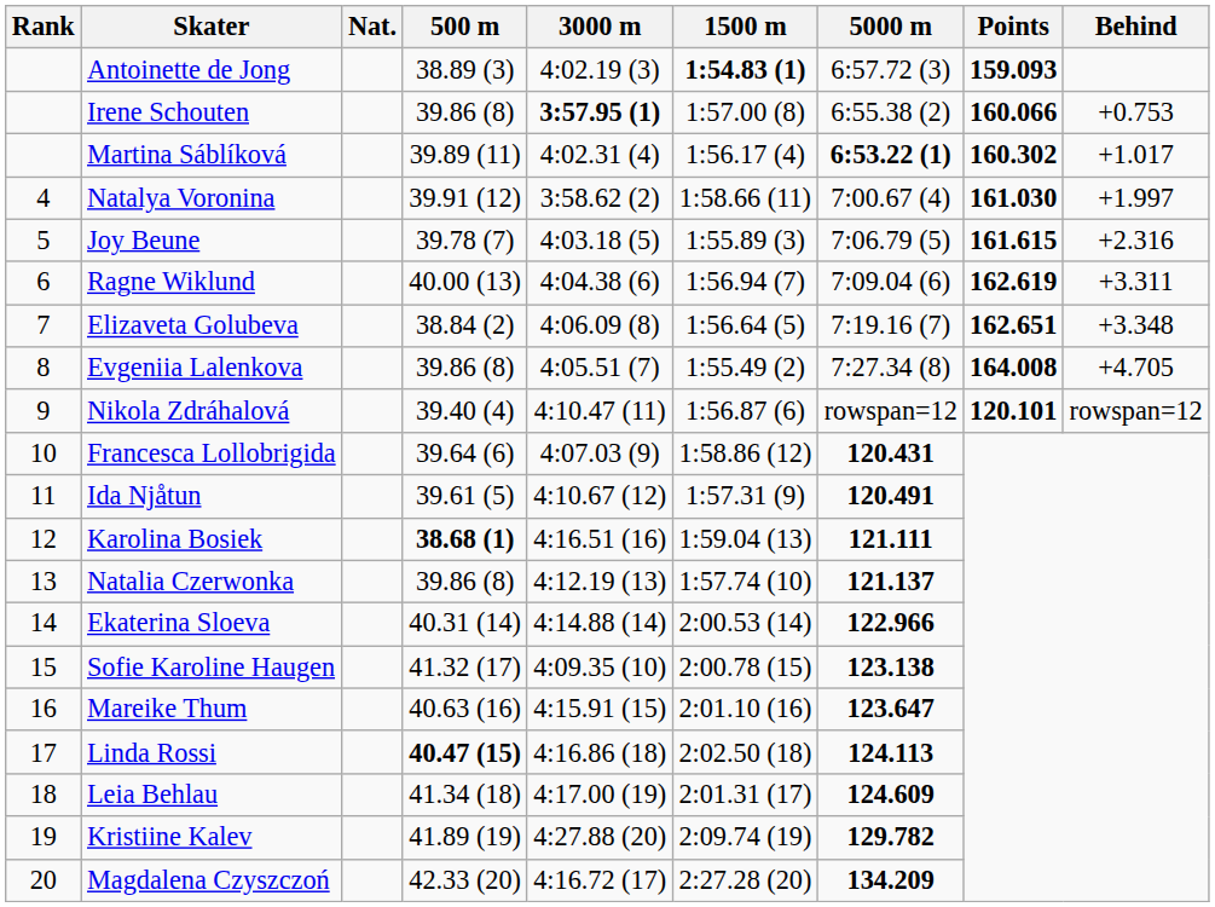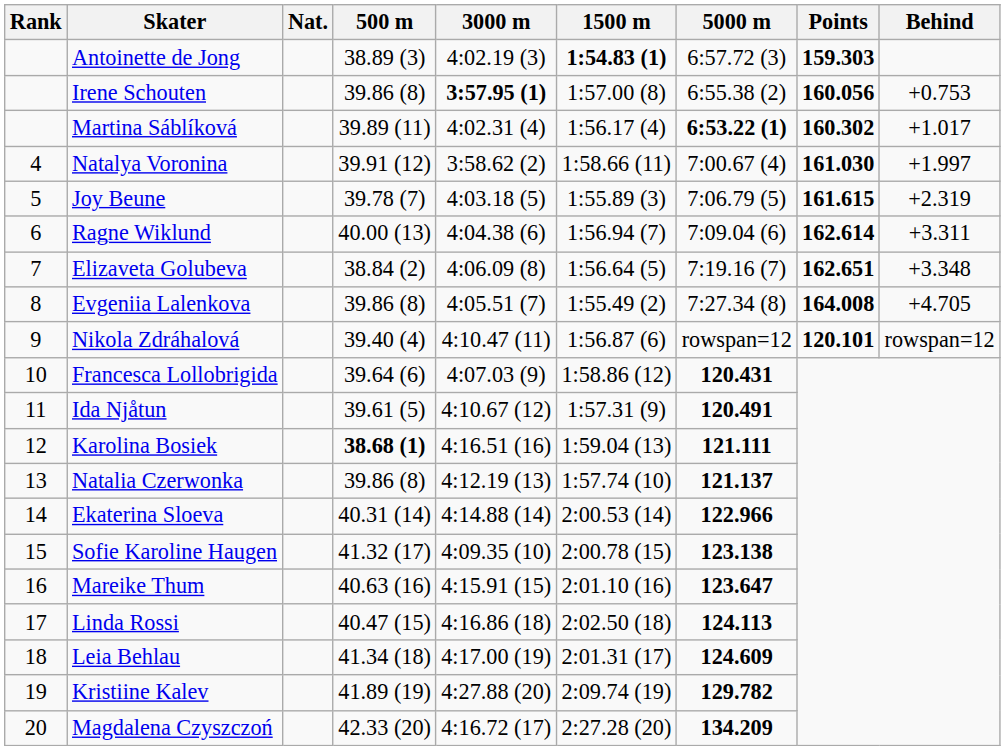 <table class="wikitable sortable" style="text-align:center">
 <tr align=center>
 <th>Rank</th>
 <th>Skater</th>
 <th>Nat.</th>
 <th>500 m</th>
 <th>3000 m</th>
 <th>1500 m</th>
 <th>5000 m</th>
 <th>Points</th>
 <th>Behind</th>
 </tr>
 <tr>
 <td></td>
 <td align=left><a href='#'>Antoinette de Jong</a></td>
 <td></td>
 <td>38.89 (3)</td>
 <td>4:02.19 (3)</td>
 <td><strong>1:54.83 (1)</strong></td>
 <td>6:57.72 (3)</td>
-<td><strong>159.093</strong></td>
+<td><strong>159.303</strong></td>
 <td></td>
 </tr>
 <tr>
 <td></td>
 <td align=left><a href='#'>Irene Schouten</a></td>
 <td></td>
 <td>39.86 (8)</td>
 <td><strong>3:57.95 (1)</strong></td>
 <td>1:57.00 (8)</td>
 <td>6:55.38 (2)</td>
-<td><strong>160.066</strong></td>
+<td><strong>160.056</strong></td>
 <td>+0.753</td>
 </tr>
 <tr>
 <td></td>
 <td align=left><a href='#'>Martina Sáblíková</a></td>
 <td></td>
 <td>39.89 (11)</td>
 <td>4:02.31 (4)</td>
 <td>1:56.17 (4)</td>
 <td><strong>6:53.22 (1)</strong></td>
 <td><strong>160.302</strong></td>
 <td>+1.017</td>
 </tr>
 <tr>
 <td>4</td>
 <td align=left><a href='#'>Natalya Voronina</a></td>
 <td></td>
 <td>39.91 (12)</td>
 <td>3:58.62 (2)</td>
 <td>1:58.66 (11)</td>
 <td>7:00.67 (4)</td>
 <td><strong>161.030</strong></td>
 <td>+1.997</td>
 </tr>
 <tr>
 <td>5</td>
 <td align=left><a href='#'>Joy Beune</a></td>
 <td></td>
 <td>39.78 (7)</td>
 <td>4:03.18 (5)</td>
 <td>1:55.89 (3)</td>
 <td>7:06.79 (5)</td>
 <td><strong>161.615</strong></td>
-<td>+2.316</td>
+<td>+2.319</td>
 </tr>
 <tr>
 <td>6</td>
 <td align=left><a href='#'>Ragne Wiklund</a></td>
 <td></td>
 <td>40.00 (13)</td>
 <td>4:04.38 (6)</td>
 <td>1:56.94 (7)</td>
 <td>7:09.04 (6)</td>
-<td><strong>162.619</strong></td>
+<td><strong>162.614</strong></td>
 <td>+3.311</td>
 </tr>
 <tr>
 <td>7</td>
 <td align=left><a href='#'>Elizaveta Golubeva</a></td>
 <td></td>
 <td>38.84 (2)</td>
 <td>4:06.09 (8)</td>
 <td>1:56.64 (5)</td>
 <td>7:19.16 (7)</td>
 <td><strong>162.651</strong></td>
 <td>+3.348</td>
 </tr>
 <tr>
 <td>8</td>
 <td align=left><a href='#'>Evgeniia Lalenkova</a></td>
 <td></td>
 <td>39.86 (8)</td>
 <td>4:05.51 (7)</td>
 <td>1:55.49 (2)</td>
 <td>7:27.34 (8)</td>
 <td><strong>164.008</strong></td>
 <td>+4.705</td>
 </tr>
 <tr>
 <td>9</td>
 <td align=left><a href='#'>Nikola Zdráhalová</a></td>
 <td></td>
 <td>39.40 (4)</td>
 <td>4:10.47 (11)</td>
 <td>1:56.87 (6)</td>
 <td>rowspan=12 </td>
 <td><strong>120.101</strong></td>
 <td>rowspan=12 </td>
 </tr>
 <tr>
 <td>10</td>
 <td align=left><a href='#'>Francesca Lollobrigida</a></td>
 <td></td>
 <td>39.64 (6)</td>
 <td>4:07.03 (9)</td>
 <td>1:58.86 (12)</td>
 <td><strong>120.431</strong></td>
 </tr>
 <tr>
 <td>11</td>
 <td align=left><a href='#'>Ida Njåtun</a></td>
 <td></td>
 <td>39.61 (5)</td>
 <td>4:10.67 (12)</td>
 <td>1:57.31 (9)</td>
 <td><strong>120.491</strong></td>
 </tr>
 <tr>
 <td>12</td>
 <td align=left><a href='#'>Karolina Bosiek</a></td>
 <td></td>
 <td><strong>38.68 (1)</strong></td>
 <td>4:16.51 (16)</td>
 <td>1:59.04 (13)</td>
 <td><strong>121.111</strong></td>
 </tr>
 <tr>
 <td>13</td>
 <td align=left><a href='#'>Natalia Czerwonka</a></td>
 <td></td>
 <td>39.86 (8)</td>
 <td>4:12.19 (13)</td>
 <td>1:57.74 (10)</td>
 <td><strong>121.137</strong></td>
 </tr>
 <tr>
 <td>14</td>
 <td align=left><a href='#'>Ekaterina Sloeva</a></td>
 <td></td>
 <td>40.31 (14)</td>
 <td>4:14.88 (14)</td>
 <td>2:00.53 (14)</td>
 <td><strong>122.966</strong></td>
 </tr>
 <tr>
 <td>15</td>
 <td align=left><a href='#'>Sofie Karoline Haugen</a></td>
 <td></td>
 <td>41.32 (17)</td>
 <td>4:09.35 (10)</td>
 <td>2:00.78 (15)</td>
 <td><strong>123.138</strong></td>
 </tr>
 <tr>
 <td>16</td>
 <td align=left><a href='#'>Mareike Thum</a></td>
 <td></td>
 <td>40.63 (16)</td>
 <td>4:15.91 (15)</td>
 <td>2:01.10 (16)</td>
 <td><strong>123.647</strong></td>
 </tr>
 <tr>
 <td>17</td>
 <td align=left><a href='#'>Linda Rossi</a></td>
 <td></td>
-<td><strong>40.47 (15)</strong></td>
+<td>40.47 (15)</td>
 <td>4:16.86 (18)</td>
 <td>2:02.50 (18)</td>
 <td><strong>124.113</strong></td>
 </tr>
 <tr>
 <td>18</td>
 <td align=left><a href='#'>Leia Behlau</a></td>
 <td></td>
 <td>41.34 (18)</td>
 <td>4:17.00 (19)</td>
 <td>2:01.31 (17)</td>
 <td><strong>124.609</strong></td>
 </tr>
 <tr>
 <td>19</td>
 <td align=left><a href='#'>Kristiine Kalev</a></td>
 <td></td>
 <td>41.89 (19)</td>
 <td>4:27.88 (20)</td>
 <td>2:09.74 (19)</td>
 <td><strong>129.782</strong></td>
 </tr>
 <tr>
 <td>20</td>
 <td align=left><a href='#'>Magdalena Czyszczoń</a></td>
 <td></td>
 <td>42.33 (20)</td>
 <td>4:16.72 (17)</td>
 <td>2:27.28 (20)</td>
 <td><strong>134.209</strong></td>
 </tr>
 </table>
